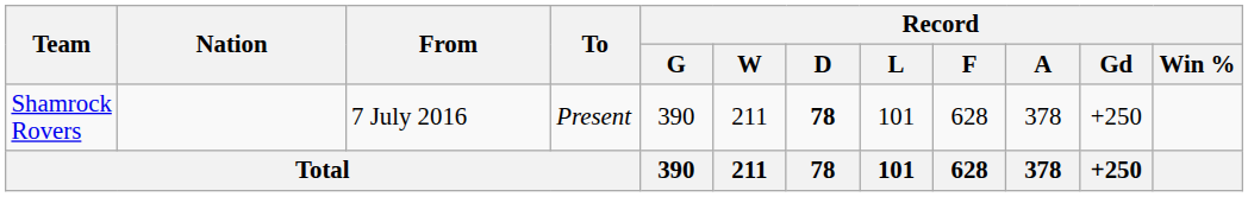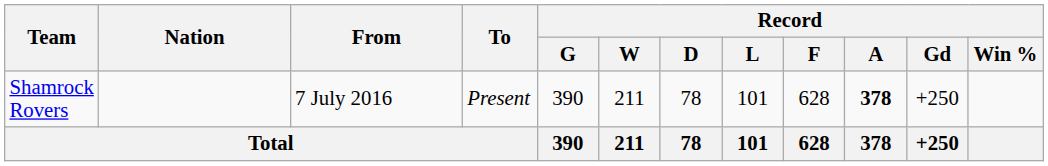 <table class="wikitable" style="text-align: center">
 <tr>
 <th rowspan=2! width=65>Team</th>
 <th rowspan=2! width=140>Nation</th>
 <th rowspan=2! width=125>From</th>
 <th rowspan=2! width=50>To</th>
 <th colspan=8>Record</th>
 </tr>
 <tr>
 <th width=40>G</th>
 <th width=40>W</th>
 <th width=40>D</th>
 <th width=40>L</th>
 <th width=40>F</th>
 <th width=40>A</th>
 <th width=40>Gd</th>
 <th width=50>Win %</th>
 </tr>
 <tr>
 <td align="left"><a href='#'>Shamrock Rovers</a></td>
 <td align="left"></td>
 <td align=left>7 July 2016</td>
 <td align=left><em>Present</em></td>
 <td>390</td>
 <td>211</td>
-<td><strong>78</strong></td>
+<td>78</td>
 <td>101</td>
 <td>628</td>
-<td>378</td>
+<td><strong>378</strong></td>
 <td>+250</td>
 <td></td>
 </tr>
 <tr>
 <th align="center" colspan="4">Total</th>
 <th>390</th>
 <th>211</th>
 <th>78</th>
 <th>101</th>
 <th>628</th>
 <th>378</th>
 <th>+250</th>
 <th></th>
 </tr>
 </table>
